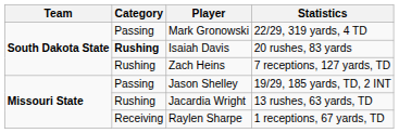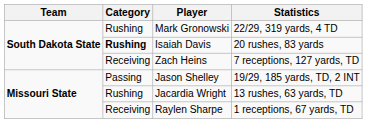 <table class="wikitable" style="float: left;">
 <tr>
 <th>Team</th>
 <th>Category</th>
 <th>Player</th>
 <th>Statistics</th>
 </tr>
 <tr>
 <td rowspan=3><strong>South Dakota State</strong></td>
-<td>Passing</td>
+<td>Rushing</td>
 <td>Mark Gronowski</td>
 <td>22/29, 319 yards, 4 TD</td>
 </tr>
 <tr>
 <td><strong>Rushing</strong></td>
 <td>Isaiah Davis</td>
 <td>20 rushes, 83 yards</td>
 </tr>
 <tr>
-<td>Rushing</td>
+<td>Receiving</td>
 <td>Zach Heins</td>
 <td>7 receptions, 127 yards, TD</td>
 </tr>
 <tr>
 <td rowspan=3><strong>Missouri State</strong></td>
 <td>Passing</td>
 <td>Jason Shelley</td>
 <td>19/29, 185 yards, TD, 2 INT</td>
 </tr>
 <tr>
 <td>Rushing</td>
 <td>Jacardia Wright</td>
 <td>13 rushes, 63 yards, TD</td>
 </tr>
 <tr>
 <td>Receiving</td>
 <td>Raylen Sharpe</td>
 <td>1 receptions, 67 yards, TD</td>
 </tr>
 </table>
